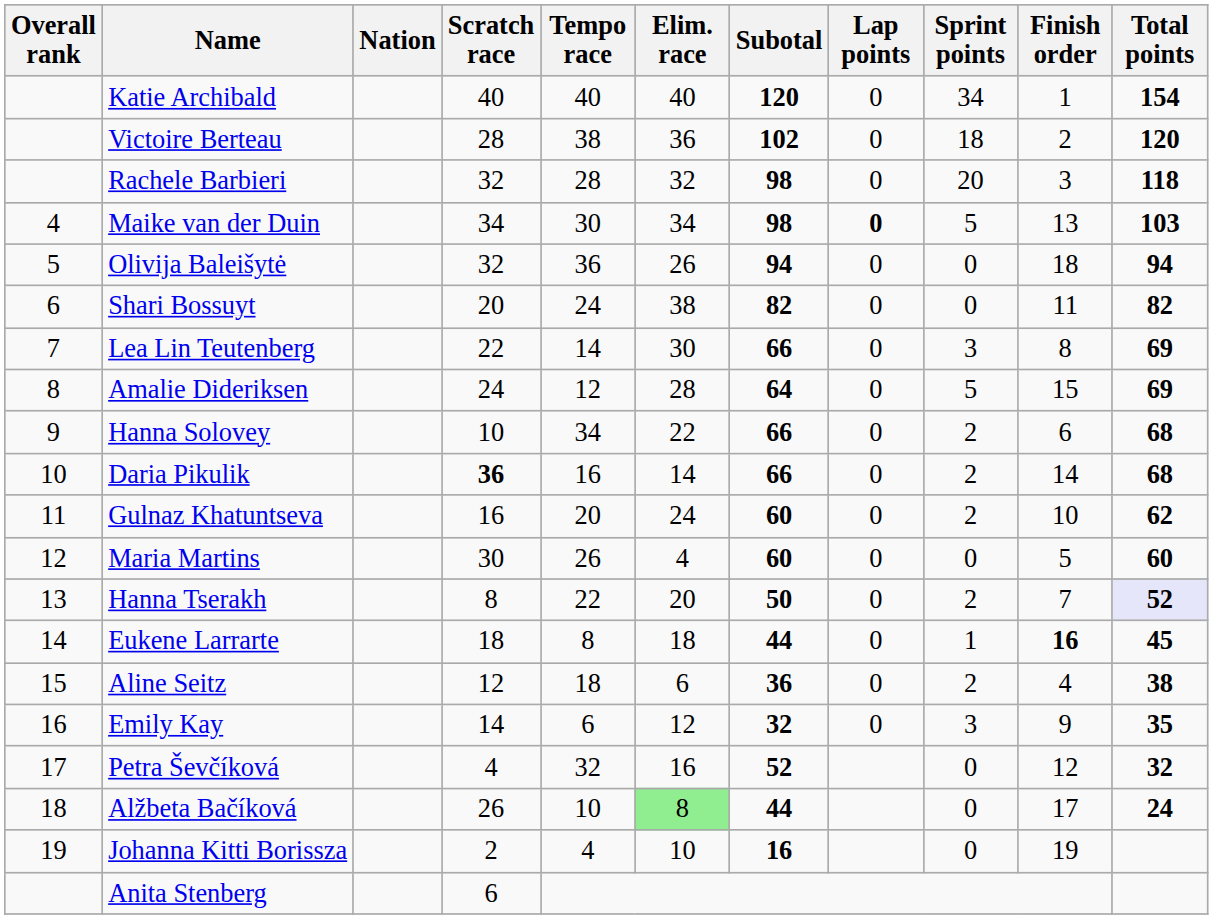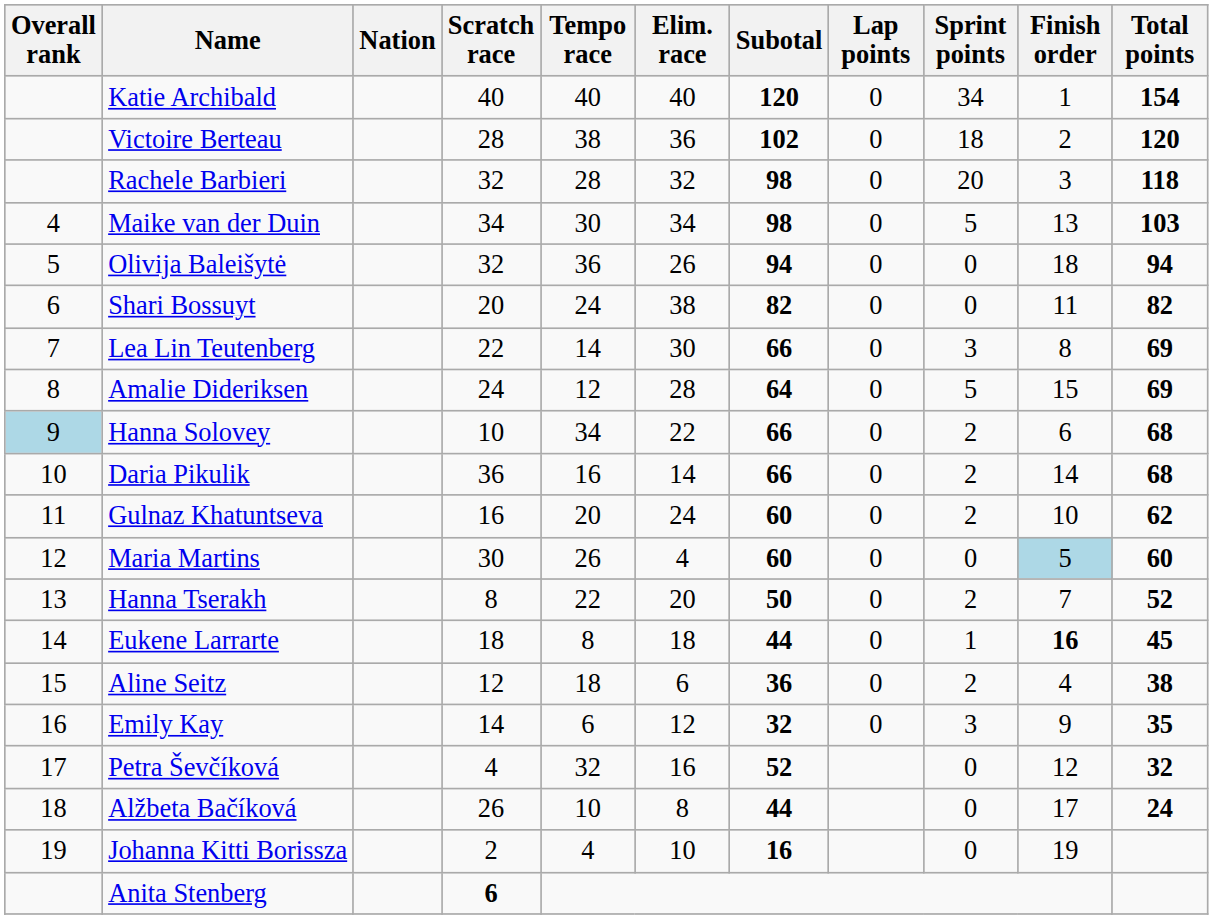 <table class="wikitable sortable" style="text-align:center">
 <tr>
 <th width=50>Overall rank</th>
 <th>Name</th>
 <th>Nation</th>
 <th width=50>Scratch race</th>
 <th width=50>Tempo race</th>
 <th width=50>Elim. race</th>
 <th width=50>Subotal</th>
 <th width=50>Lap points</th>
 <th width=50>Sprint points</th>
 <th width=50>Finish order</th>
 <th width=50>Total points</th>
 </tr>
 <tr>
 <td></td>
 <td align=left><a href='#'>Katie Archibald</a></td>
 <td align=left></td>
 <td>40</td>
 <td>40</td>
 <td>40</td>
 <td><strong>120</strong></td>
 <td>0</td>
 <td>34</td>
 <td>1</td>
 <td><strong>154</strong></td>
 </tr>
 <tr>
 <td></td>
 <td align=left><a href='#'>Victoire Berteau</a></td>
 <td align=left></td>
 <td>28</td>
 <td>38</td>
 <td>36</td>
 <td><strong>102</strong></td>
 <td>0</td>
 <td>18</td>
 <td>2</td>
 <td><strong>120</strong></td>
 </tr>
 <tr>
 <td></td>
 <td align=left><a href='#'>Rachele Barbieri</a></td>
 <td align=left></td>
 <td>32</td>
 <td>28</td>
 <td>32</td>
 <td><strong>98</strong></td>
 <td>0</td>
 <td>20</td>
 <td>3</td>
 <td><strong>118</strong></td>
 </tr>
 <tr>
 <td>4</td>
 <td align=left><a href='#'>Maike van der Duin</a></td>
 <td align=left></td>
 <td>34</td>
 <td>30</td>
 <td>34</td>
 <td><strong>98</strong></td>
-<td><strong>0</strong></td>
+<td>0</td>
 <td>5</td>
 <td>13</td>
 <td><strong>103</strong></td>
 </tr>
 <tr>
 <td>5</td>
 <td align=left><a href='#'>Olivija Baleišytė</a></td>
 <td align=left></td>
 <td>32</td>
 <td>36</td>
 <td>26</td>
 <td><strong>94</strong></td>
 <td>0</td>
 <td>0</td>
 <td>18</td>
 <td><strong>94</strong></td>
 </tr>
 <tr>
 <td>6</td>
 <td align=left><a href='#'>Shari Bossuyt</a></td>
 <td align=left></td>
 <td>20</td>
 <td>24</td>
 <td>38</td>
 <td><strong>82</strong></td>
 <td>0</td>
 <td>0</td>
 <td>11</td>
 <td><strong>82</strong></td>
 </tr>
 <tr>
 <td>7</td>
 <td align=left><a href='#'>Lea Lin Teutenberg</a></td>
 <td align=left></td>
 <td>22</td>
 <td>14</td>
 <td>30</td>
 <td><strong>66</strong></td>
 <td>0</td>
 <td>3</td>
 <td>8</td>
 <td><strong>69</strong></td>
 </tr>
 <tr>
 <td>8</td>
 <td align=left><a href='#'>Amalie Dideriksen</a></td>
 <td align=left></td>
 <td>24</td>
 <td>12</td>
 <td>28</td>
 <td><strong>64</strong></td>
 <td>0</td>
 <td>5</td>
 <td>15</td>
 <td><strong>69</strong></td>
 </tr>
 <tr>
-<td>9</td>
+<td style="background: lightblue;">9</td>
 <td align=left><a href='#'>Hanna Solovey</a></td>
 <td align=left></td>
 <td>10</td>
 <td>34</td>
 <td>22</td>
 <td><strong>66</strong></td>
 <td>0</td>
 <td>2</td>
 <td>6</td>
 <td><strong>68</strong></td>
 </tr>
 <tr>
 <td>10</td>
 <td align=left><a href='#'>Daria Pikulik</a></td>
 <td align=left></td>
-<td><strong>36</strong></td>
+<td>36</td>
 <td>16</td>
 <td>14</td>
 <td><strong>66</strong></td>
 <td>0</td>
 <td>2</td>
 <td>14</td>
 <td><strong>68</strong></td>
 </tr>
 <tr>
 <td>11</td>
 <td align=left><a href='#'>Gulnaz Khatuntseva</a></td>
 <td align=left></td>
 <td>16</td>
 <td>20</td>
 <td>24</td>
 <td><strong>60</strong></td>
 <td>0</td>
 <td>2</td>
 <td>10</td>
 <td><strong>62</strong></td>
 </tr>
 <tr>
 <td>12</td>
 <td align=left><a href='#'>Maria Martins</a></td>
 <td align=left></td>
 <td>30</td>
 <td>26</td>
 <td>4</td>
 <td><strong>60</strong></td>
 <td>0</td>
 <td>0</td>
-<td>5</td>
+<td style="background: lightblue;">5</td>
 <td><strong>60</strong></td>
 </tr>
 <tr>
 <td>13</td>
 <td align=left><a href='#'>Hanna Tserakh</a></td>
 <td align=left></td>
 <td>8</td>
 <td>22</td>
 <td>20</td>
 <td><strong>50</strong></td>
 <td>0</td>
 <td>2</td>
 <td>7</td>
-<td style="background: lavender;"><strong>52</strong></td>
+<td><strong>52</strong></td>
 </tr>
 <tr>
 <td>14</td>
 <td align=left><a href='#'>Eukene Larrarte</a></td>
 <td align=left></td>
 <td>18</td>
 <td>8</td>
 <td>18</td>
 <td><strong>44</strong></td>
 <td>0</td>
 <td>1</td>
 <td><strong>16</strong></td>
 <td><strong>45</strong></td>
 </tr>
 <tr>
 <td>15</td>
 <td align=left><a href='#'>Aline Seitz</a></td>
 <td align=left></td>
 <td>12</td>
 <td>18</td>
 <td>6</td>
 <td><strong>36</strong></td>
 <td>0</td>
 <td>2</td>
 <td>4</td>
 <td><strong>38</strong></td>
 </tr>
 <tr>
 <td>16</td>
 <td align=left><a href='#'>Emily Kay</a></td>
 <td align=left></td>
 <td>14</td>
 <td>6</td>
 <td>12</td>
 <td><strong>32</strong></td>
 <td>0</td>
 <td>3</td>
 <td>9</td>
 <td><strong>35</strong></td>
 </tr>
 <tr>
 <td>17</td>
 <td align=left><a href='#'>Petra Ševčíková</a></td>
 <td align=left></td>
 <td>4</td>
 <td>32</td>
 <td>16</td>
 <td><strong>52</strong></td>
 <td></td>
 <td>0</td>
 <td>12</td>
 <td><strong>32</strong></td>
 </tr>
 <tr>
 <td>18</td>
 <td align=left><a href='#'>Alžbeta Bačíková</a></td>
 <td align=left></td>
 <td>26</td>
 <td>10</td>
-<td style="background: lightgreen;">8</td>
+<td>8</td>
 <td><strong>44</strong></td>
 <td></td>
 <td>0</td>
 <td>17</td>
 <td><strong>24</strong></td>
 </tr>
 <tr>
 <td>19</td>
 <td align=left><a href='#'>Johanna Kitti Borissza</a></td>
 <td align=left></td>
 <td>2</td>
 <td>4</td>
 <td>10</td>
 <td><strong>16</strong></td>
 <td></td>
 <td>0</td>
 <td>19</td>
 <td><strong></strong></td>
 </tr>
 <tr>
 <td></td>
 <td align=left><a href='#'>Anita Stenberg</a></td>
 <td align=left></td>
-<td>6</td>
+<td><strong>6</strong></td>
 <td colspan=6></td>
 <td><strong></strong></td>
 </tr>
 </table>
